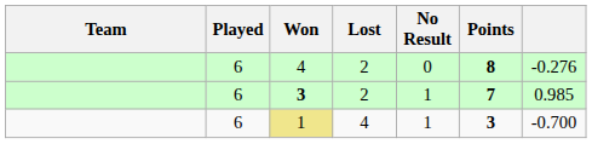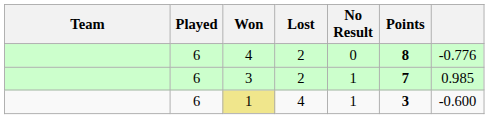 <table class="wikitable" style="text-align:center;">
 <tr>
 <th width=175>Team</th>
 <th width=50>Played</th>
 <th width=50>Won</th>
 <th width=50>Lost</th>
 <th width=50>No Result</th>
 <th width=50>Points</th>
 <th width=50></th>
 </tr>
 <tr style="background:#ccffcc;">
 <td align="left"></td>
 <td>6</td>
 <td>4</td>
 <td>2</td>
 <td>0</td>
 <td><strong>8</strong></td>
-<td>-0.276</td>
+<td>-0.776</td>
 </tr>
 <tr style="background:#ccffcc;">
 <td align="left"></td>
 <td>6</td>
-<td><strong>3</strong></td>
+<td>3</td>
 <td>2</td>
 <td>1</td>
 <td><strong>7</strong></td>
 <td>0.985</td>
 </tr>
 <tr>
 <td align="left"></td>
 <td>6</td>
 <td style="background: khaki;">1</td>
 <td>4</td>
 <td>1</td>
 <td><strong>3</strong></td>
-<td>-0.700</td>
+<td>-0.600</td>
 </tr>
 </table>
